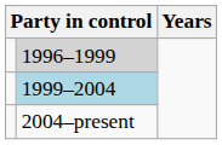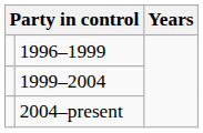 <table class="wikitable">
 <tr>
 <th colspan="2">Party in control</th>
 <th>Years</th>
 </tr>
 <tr>
 <td></td>
-<td style="background: lightgrey;">1996–1999</td>
+<td>1996–1999</td>
 </tr>
 <tr>
 <td></td>
-<td style="background: lightblue;">1999–2004</td>
+<td>1999–2004</td>
 </tr>
 <tr>
 <td></td>
 <td>2004–present</td>
 </tr>
 </table>
